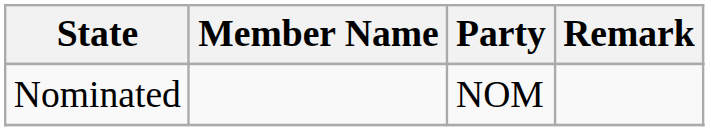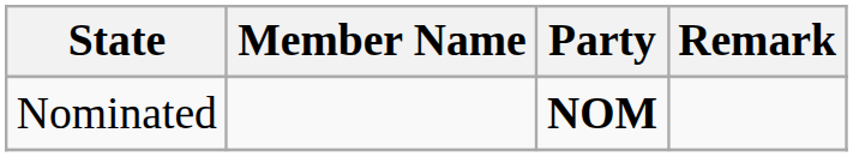 <table class="wikitable sortable">
 <tr>
 <th>State</th>
 <th>Member Name</th>
 <th>Party</th>
 <th>Remark</th>
 </tr>
 <tr>
 </tr>
 <tr>
 <td>Nominated</td>
 <td><a href='#'></a></td>
-<td>NOM</td>
+<td><strong>NOM</strong></td>
 <td></td>
 </tr>
 <tr>
 </tr>
 <tr>
 </tr>
 </table>
